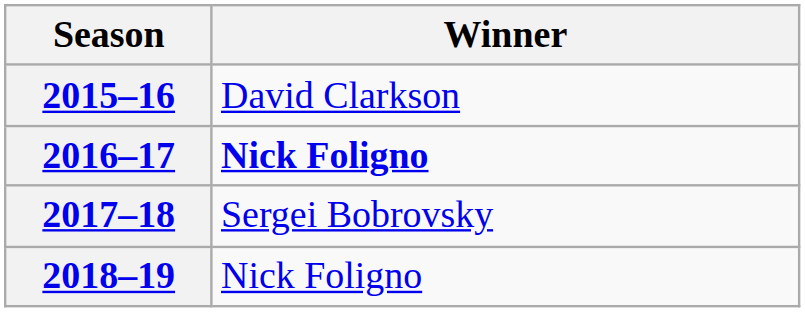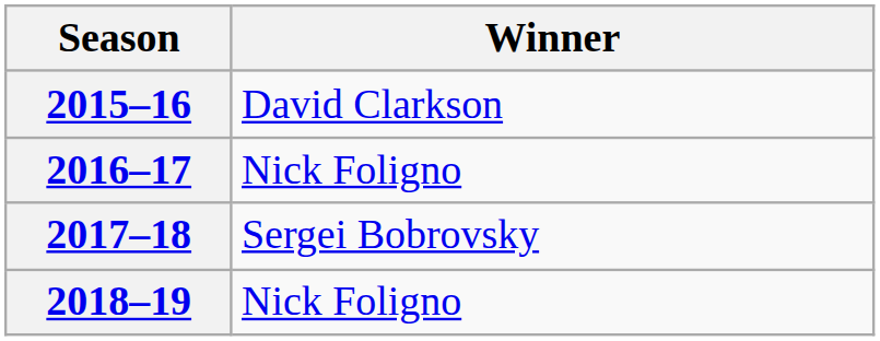 <table class="wikitable">
 <tr>
 <th scope="col" style="width:5em">Season</th>
 <th scope="col" style="width:15em">Winner</th>
 </tr>
 <tr>
 <th scope="row"><a href='#'>2015–16</a></th>
 <td><a href='#'>David Clarkson</a></td>
 </tr>
 <tr>
 <th scope="row"><a href='#'>2016–17</a></th>
-<td><strong><a href='#'>Nick Foligno</a></strong></td>
+<td><a href='#'>Nick Foligno</a></td>
 </tr>
 <tr>
 <th scope="row"><a href='#'>2017–18</a></th>
 <td><a href='#'>Sergei Bobrovsky</a></td>
 </tr>
 <tr>
 <th scope="row"><a href='#'>2018–19</a></th>
 <td><a href='#'>Nick Foligno</a></td>
 </tr>
 </table>
